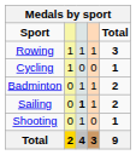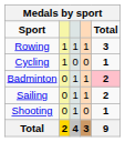 <table class="wikitable" style="font-size:85%">
 <tr style="background:#efefef;">
 <th colspan=7>Medals by sport</th>
 </tr>
 <tr align=center>
 <td><strong>Sport</strong></td>
 <td bgcolor=#f7f6a8></td>
 <td bgcolor=#dce5e5></td>
 <td bgcolor=#ffdab9></td>
 <td><strong>Total</strong></td>
 </tr>
 <tr align=center>
 <td><a href='#'>Rowing</a></td>
 <td style="background:#F7F6A8;">1</td>
 <td style="background:#DCE5E5;">1</td>
 <td style="background:#FFDAB9;">1</td>
 <td><strong>3</strong></td>
 </tr>
 <tr align=center>
 <td><a href='#'>Cycling</a></td>
 <td style="background:#F7F6A8;">1</td>
 <td style="background:#DCE5E5;">0</td>
 <td style="background:#FFDAB9;">0</td>
 <td><strong>1</strong></td>
 </tr>
 <tr align=center>
 <td><a href='#'>Badminton</a></td>
 <td style="background:#F7F6A8;">0</td>
 <td style="background:#DCE5E5;">1</td>
 <td style="background:#FFDAB9;">1</td>
-<td><strong>2</strong></td>
+<td style="background: pink;"><strong>2</strong></td>
 </tr>
 <tr align=center>
 <td><a href='#'>Sailing</a></td>
 <td style="background:#F7F6A8;">0</td>
-<td style="background:#DCE5E5;"><strong>1</strong></td>
+<td style="background:#DCE5E5;">1</td>
 <td style="background:#FFDAB9;">1</td>
 <td><strong>2</strong></td>
 </tr>
 <tr align=center>
 <td><a href='#'>Shooting</a></td>
 <td style="background:#F7F6A8;">0</td>
 <td style="background:#DCE5E5;">1</td>
 <td style="background:#FFDAB9;">0</td>
 <td><strong>1</strong></td>
 </tr>
 <tr align=center>
 <th>Total</th>
 <th style="background:gold;">2</th>
 <th style="background:silver;">4</th>
 <th style="background:#c96;">3</th>
 <th>9</th>
 </tr>
 </table>
